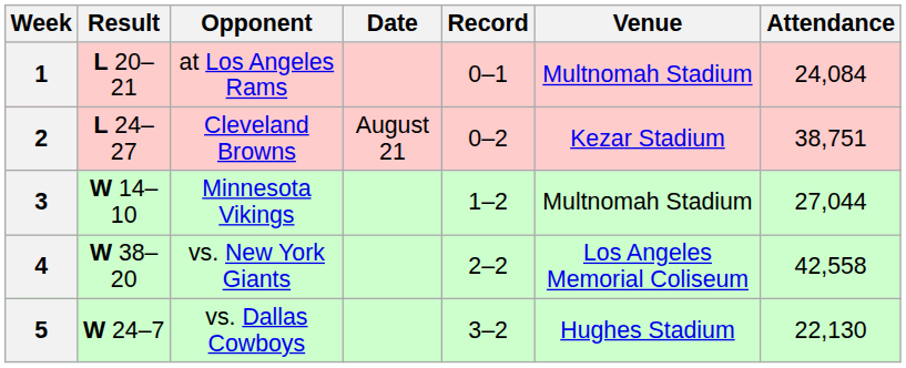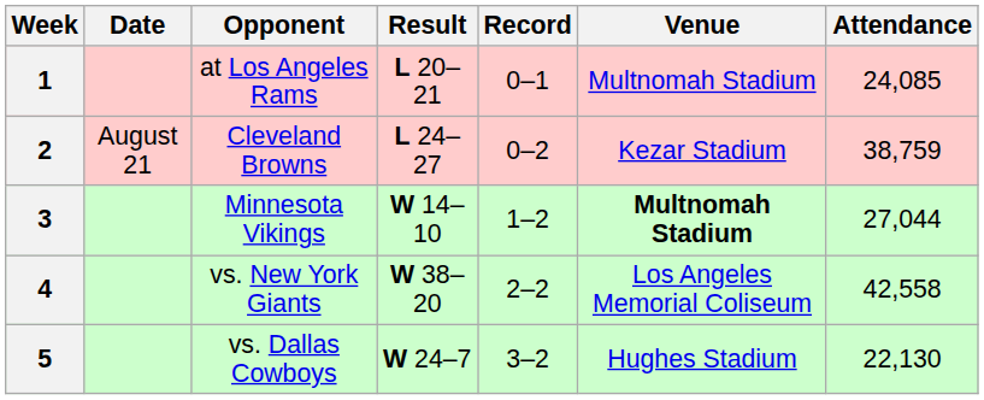 <table class="wikitable" style="text-align:center">
 <tr>
 <th>Week</th>
+<th>Date</th>
+<th>Opponent</th>
 <th>Result</th>
-<th>Opponent</th>
-<th>Date</th>
 <th>Record</th>
 <th>Venue</th>
 <th>Attendance</th>
 </tr>
 <tr style="background:#fcc">
 <th>1</th>
+<td></td>
+<td>at <a href='#'>Los Angeles Rams</a></td>
 <td><strong>L</strong> 20–21</td>
-<td>at <a href='#'>Los Angeles Rams</a></td>
-<td></td>
 <td>0–1</td>
 <td><a href='#'>Multnomah Stadium</a></td>
-<td>24,084</td>
+<td>24,085</td>
 </tr>
 <tr style="background:#fcc">
 <th>2</th>
+<td>August 21</td>
+<td><a href='#'>Cleveland Browns</a></td>
 <td><strong>L</strong> 24–27</td>
-<td><a href='#'>Cleveland Browns</a></td>
-<td>August 21</td>
 <td>0–2</td>
 <td><a href='#'>Kezar Stadium</a></td>
-<td>38,751</td>
+<td>38,759</td>
 </tr>
 <tr style="background:#cfc">
 <th>3</th>
+<td></td>
+<td><a href='#'>Minnesota Vikings</a></td>
 <td><strong>W</strong> 14–10</td>
-<td><a href='#'>Minnesota Vikings</a></td>
-<td></td>
 <td>1–2</td>
-<td>Multnomah Stadium</td>
+<td><strong>Multnomah Stadium</strong></td>
 <td>27,044</td>
 </tr>
 <tr style="background:#cfc">
 <th>4</th>
+<td></td>
+<td>vs. <a href='#'>New York Giants</a></td>
 <td><strong>W</strong> 38–20</td>
-<td>vs. <a href='#'>New York Giants</a></td>
-<td></td>
 <td>2–2</td>
 <td><a href='#'>Los Angeles Memorial Coliseum</a></td>
 <td>42,558</td>
 </tr>
 <tr style="background:#cfc">
 <th>5</th>
+<td></td>
+<td>vs. <a href='#'>Dallas Cowboys</a></td>
 <td><strong>W</strong> 24–7</td>
-<td>vs. <a href='#'>Dallas Cowboys</a></td>
-<td></td>
 <td>3–2</td>
 <td><a href='#'>Hughes Stadium</a></td>
 <td>22,130</td>
 </tr>
 </table>
